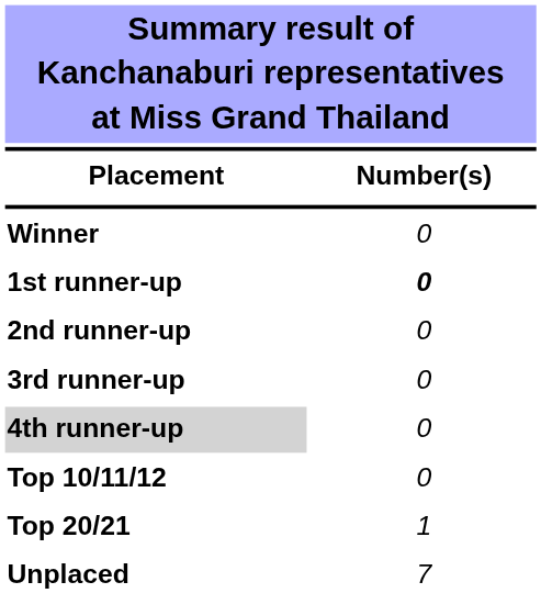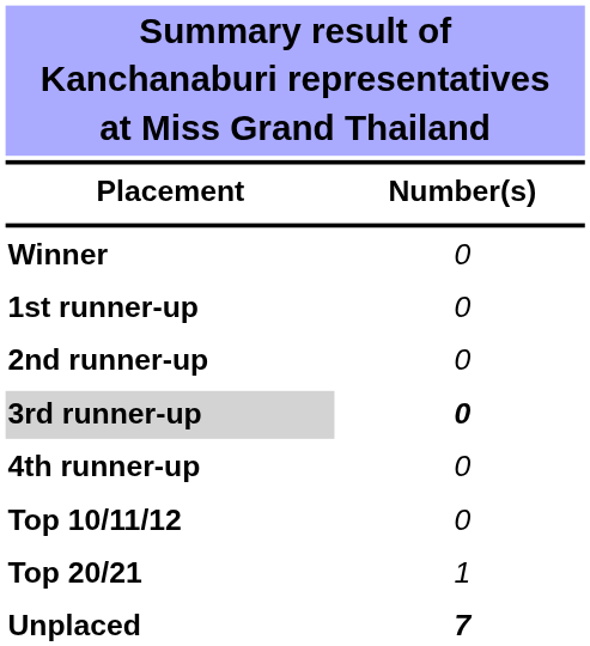 <table style="width: 270px; font-size:85%; line-height:1.5em;">
 <tr>
 <th colspan="2" align="center" style="background:#AAF;"><big>Summary result of<br>Kanchanaburi representatives<br>at Miss Grand Thailand</big></th>
 </tr>
 <tr>
 <td colspan="2" style="background:black"></td>
 </tr>
 <tr>
 <th scope="col">Placement</th>
 <th scope="col">Number(s)</th>
 </tr>
 <tr>
 <td colspan="2" style="background:black"></td>
 </tr>
 <tr>
 <td align="left"><strong>Winner</strong></td>
 <td align="center"><em>0</em></td>
 </tr>
 <tr>
 <td align="left"><strong>1st runner-up</strong></td>
-<td align="center"><strong><em>0</em></strong></td>
+<td align="center"><em>0</em></td>
 </tr>
 <tr>
 <td align="left"><strong>2nd runner-up</strong></td>
 <td align="center"><em>0</em></td>
 </tr>
 <tr>
-<td align="left"><strong>3rd runner-up</strong></td>
-<td align="center"><em>0</em></td>
+<td align="left" style="background: lightgrey;"><strong>3rd runner-up</strong></td>
+<td align="center"><strong><em>0</em></strong></td>
 </tr>
 <tr>
-<td align="left" style="background: lightgrey;"><strong>4th runner-up</strong></td>
+<td align="left"><strong>4th runner-up</strong></td>
 <td align="center"><em>0</em></td>
 </tr>
 <tr>
 <td align="left"><strong>Top 10/11/12</strong></td>
 <td align="center"><em>0</em></td>
 </tr>
 <tr>
 <td align="left"><strong>Top 20/21</strong></td>
 <td align="center"><em>1</em></td>
 </tr>
 <tr>
 <td align="left"><strong>Unplaced</strong></td>
-<td align="center"><em>7</em></td>
+<td align="center"><strong><em>7</em></strong></td>
 </tr>
 </table>
